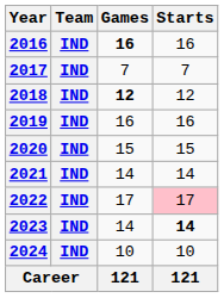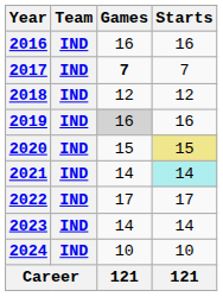 <table class="wikitable" style="text-align: center;">
 <tr>
 <th>Year</th>
 <th>Team</th>
 <th>Games</th>
 <th>Starts</th>
 </tr>
 <tr>
 <th><a href='#'>2016</a></th>
 <th><a href='#'>IND</a></th>
-<td><strong>16</strong></td>
+<td>16</td>
 <td>16</td>
 </tr>
 <tr>
 <th><a href='#'>2017</a></th>
 <th><a href='#'>IND</a></th>
-<td>7</td>
+<td><strong>7</strong></td>
 <td>7</td>
 </tr>
 <tr>
 <th><a href='#'>2018</a></th>
 <th><a href='#'>IND</a></th>
-<td><strong>12</strong></td>
+<td>12</td>
 <td>12</td>
 </tr>
 <tr>
 <th><a href='#'>2019</a></th>
 <th><a href='#'>IND</a></th>
-<td>16</td>
+<td style="background: lightgrey;">16</td>
 <td>16</td>
 </tr>
 <tr>
 <th><a href='#'>2020</a></th>
 <th><a href='#'>IND</a></th>
 <td>15</td>
-<td>15</td>
+<td style="background: khaki;">15</td>
 </tr>
 <tr>
 <th><a href='#'>2021</a></th>
 <th><a href='#'>IND</a></th>
 <td>14</td>
-<td>14</td>
+<td style="background: paleturquoise;">14</td>
 </tr>
 <tr>
 <th><a href='#'>2022</a></th>
 <th><a href='#'>IND</a></th>
 <td>17</td>
-<td style="background: pink;">17</td>
+<td>17</td>
 </tr>
 <tr>
 <th><a href='#'>2023</a></th>
 <th><a href='#'>IND</a></th>
 <td>14</td>
-<td><strong>14</strong></td>
+<td>14</td>
 </tr>
 <tr>
 <th><a href='#'>2024</a></th>
 <th><a href='#'>IND</a></th>
 <td>10</td>
 <td>10</td>
 </tr>
 <tr>
 <th colspan="2">Career</th>
 <th>121</th>
 <th>121</th>
 </tr>
 </table>
